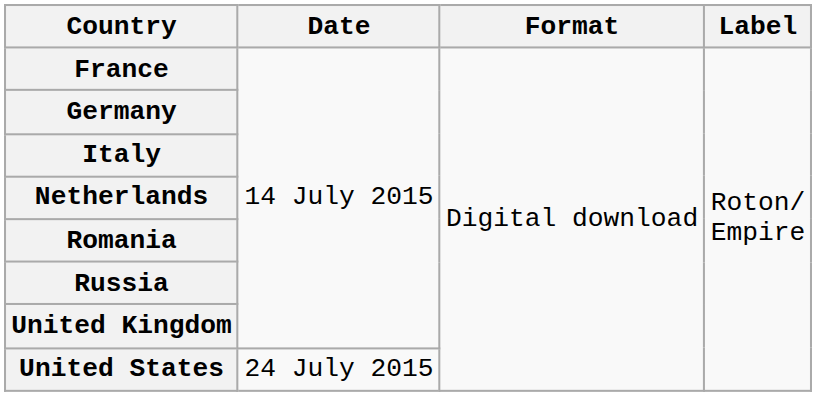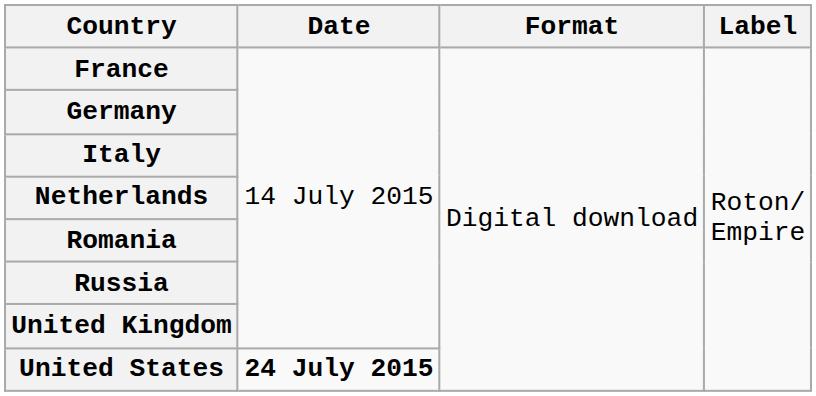 <table class="wikitable plainrowheaders">
 <tr>
 <th>Country</th>
 <th>Date</th>
 <th>Format</th>
 <th>Label</th>
 </tr>
 <tr>
 <th scope="row">France</th>
 <td rowspan="7">14 July 2015</td>
 <td rowspan="8">Digital download</td>
 <td rowspan="8">Roton/<br>Empire</td>
 </tr>
 <tr>
 <th scope="row">Germany</th>
 </tr>
 <tr>
 <th scope="row">Italy</th>
 </tr>
 <tr>
 <th scope="row">Netherlands</th>
 </tr>
 <tr>
 <th scope="row">Romania</th>
 </tr>
 <tr>
 <th scope="row">Russia</th>
 </tr>
 <tr>
 <th scope="row">United Kingdom</th>
 </tr>
 <tr>
 <th scope="row">United States</th>
-<td>24 July 2015</td>
+<td><strong>24 July 2015</strong></td>
 </tr>
 </table>
